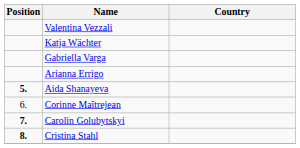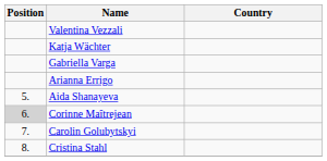 <table class="wikitable">
 <tr>
 <th width="20">Position</th>
 <th width="200">Name</th>
 <th width="200">Country</th>
 </tr>
 <tr>
 <td align="center"></td>
 <td><a href='#'>Valentina Vezzali</a></td>
 <td></td>
 </tr>
 <tr>
 <td align="center"></td>
 <td><a href='#'>Katja Wächter</a></td>
 <td></td>
 </tr>
 <tr>
 <td align="center"></td>
 <td><a href='#'>Gabriella Varga</a></td>
 <td></td>
 </tr>
 <tr>
 <td align="center"></td>
 <td><a href='#'>Arianna Errigo</a></td>
 <td></td>
 </tr>
 <tr>
-<td align="center"><strong>5.</strong></td>
+<td align="center">5.</td>
 <td><a href='#'>Aida Shanayeva</a></td>
 <td></td>
 </tr>
 <tr>
-<td align="center">6.</td>
+<td align="center" style="background: lightgrey;">6.</td>
 <td><a href='#'>Corinne Maîtrejean</a></td>
 <td></td>
 </tr>
 <tr>
-<td align="center"><strong>7.</strong></td>
+<td align="center">7.</td>
 <td><a href='#'>Carolin Golubytskyi</a></td>
 <td></td>
 </tr>
 <tr>
-<td align="center"><strong>8.</strong></td>
+<td align="center">8.</td>
 <td><a href='#'>Cristina Stahl</a></td>
 <td></td>
 </tr>
 <tr>
 </tr>
 </table>
